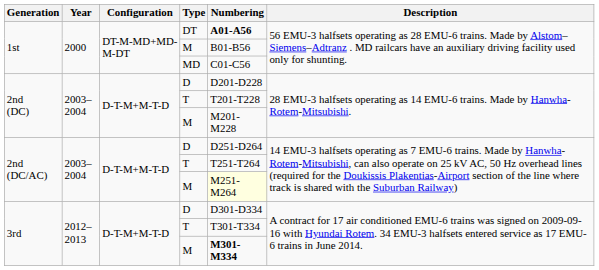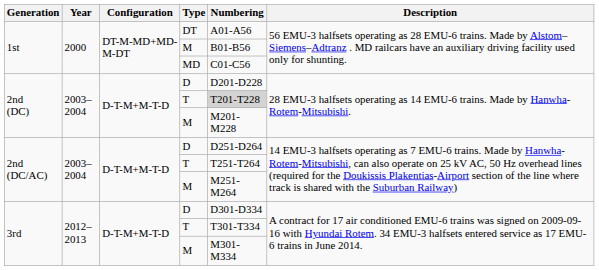 <table class="wikitable">
 <tr>
 <th>Generation</th>
 <th>Year</th>
 <th>Configuration</th>
 <th>Type</th>
 <th>Numbering</th>
 <th Left>Description</th>
 </tr>
 <tr>
 <td rowspan="3">1st</td>
 <td rowspan="3">2000</td>
 <td rowspan="3">DT-M-MD+MD-M-DT</td>
 <td>DT</td>
-<td><strong>A01-A56</strong></td>
+<td>A01-A56</td>
 <td rowspan="3">56 EMU-3 halfsets operating as 28 EMU-6 trains. Made by <a href='#'>Alstom</a>–<a href='#'>Siemens</a>–<a href='#'>Adtranz</a> . MD railcars have an auxiliary driving facility used only for shunting.</td>
 </tr>
 <tr>
 <td>M</td>
 <td>B01-B56</td>
 </tr>
 <tr>
 <td>MD</td>
 <td>C01-C56</td>
 </tr>
 <tr>
 <td rowspan="3">2nd<br>(DC)</td>
 <td rowspan="3">2003–2004</td>
 <td rowspan="3">D-T-M+M-T-D</td>
 <td>D</td>
 <td>D201-D228</td>
 <td rowspan="3">28 EMU-3 halfsets operating as 14 EMU-6 trains. Made by <a href='#'>Hanwha</a>-<a href='#'>Rotem</a>-<a href='#'>Mitsubishi</a>.</td>
 </tr>
 <tr>
 <td>T</td>
-<td>T201-T228</td>
+<td style="background: lightgrey;">T201-T228</td>
 </tr>
 <tr>
 <td>M</td>
 <td>M201-M228</td>
 </tr>
 <tr>
 <td rowspan="3">2nd<br>(DC/AC)</td>
 <td rowspan="3">2003–2004</td>
 <td rowspan="3">D-T-M+M-T-D</td>
 <td>D</td>
 <td>D251-D264</td>
 <td rowspan="3">14 EMU-3 halfsets operating as 7 EMU-6 trains. Made by <a href='#'>Hanwha</a>-<a href='#'>Rotem</a>-<a href='#'>Mitsubishi</a>, can also operate on 25 kV AC, 50 Hz overhead lines (required for the <a href='#'>Doukissis Plakentias</a>-<a href='#'>Airport</a> section of the line where track is shared with the <a href='#'>Suburban Railway</a>)</td>
 </tr>
 <tr>
 <td>T</td>
 <td>T251-T264</td>
 </tr>
 <tr>
 <td>M</td>
-<td style="background: lightyellow;">M251-M264</td>
+<td>M251-M264</td>
 </tr>
 <tr>
 <td rowspan="3">3rd</td>
 <td rowspan="3">2012–2013</td>
 <td rowspan="3">D-T-M+M-T-D</td>
 <td>D</td>
 <td>D301-D334</td>
 <td rowspan="3">A contract for 17 air conditioned EMU-6 trains was signed on 2009-09-16 with <a href='#'>Hyundai Rotem</a>. 34 EMU-3 halfsets entered service as 17 EMU-6 trains in June 2014.</td>
 </tr>
 <tr>
 <td>T</td>
 <td>T301-T334</td>
 </tr>
 <tr>
 <td>M</td>
-<td><strong>M301-M334</strong></td>
+<td>M301-M334</td>
 </tr>
 </table>
